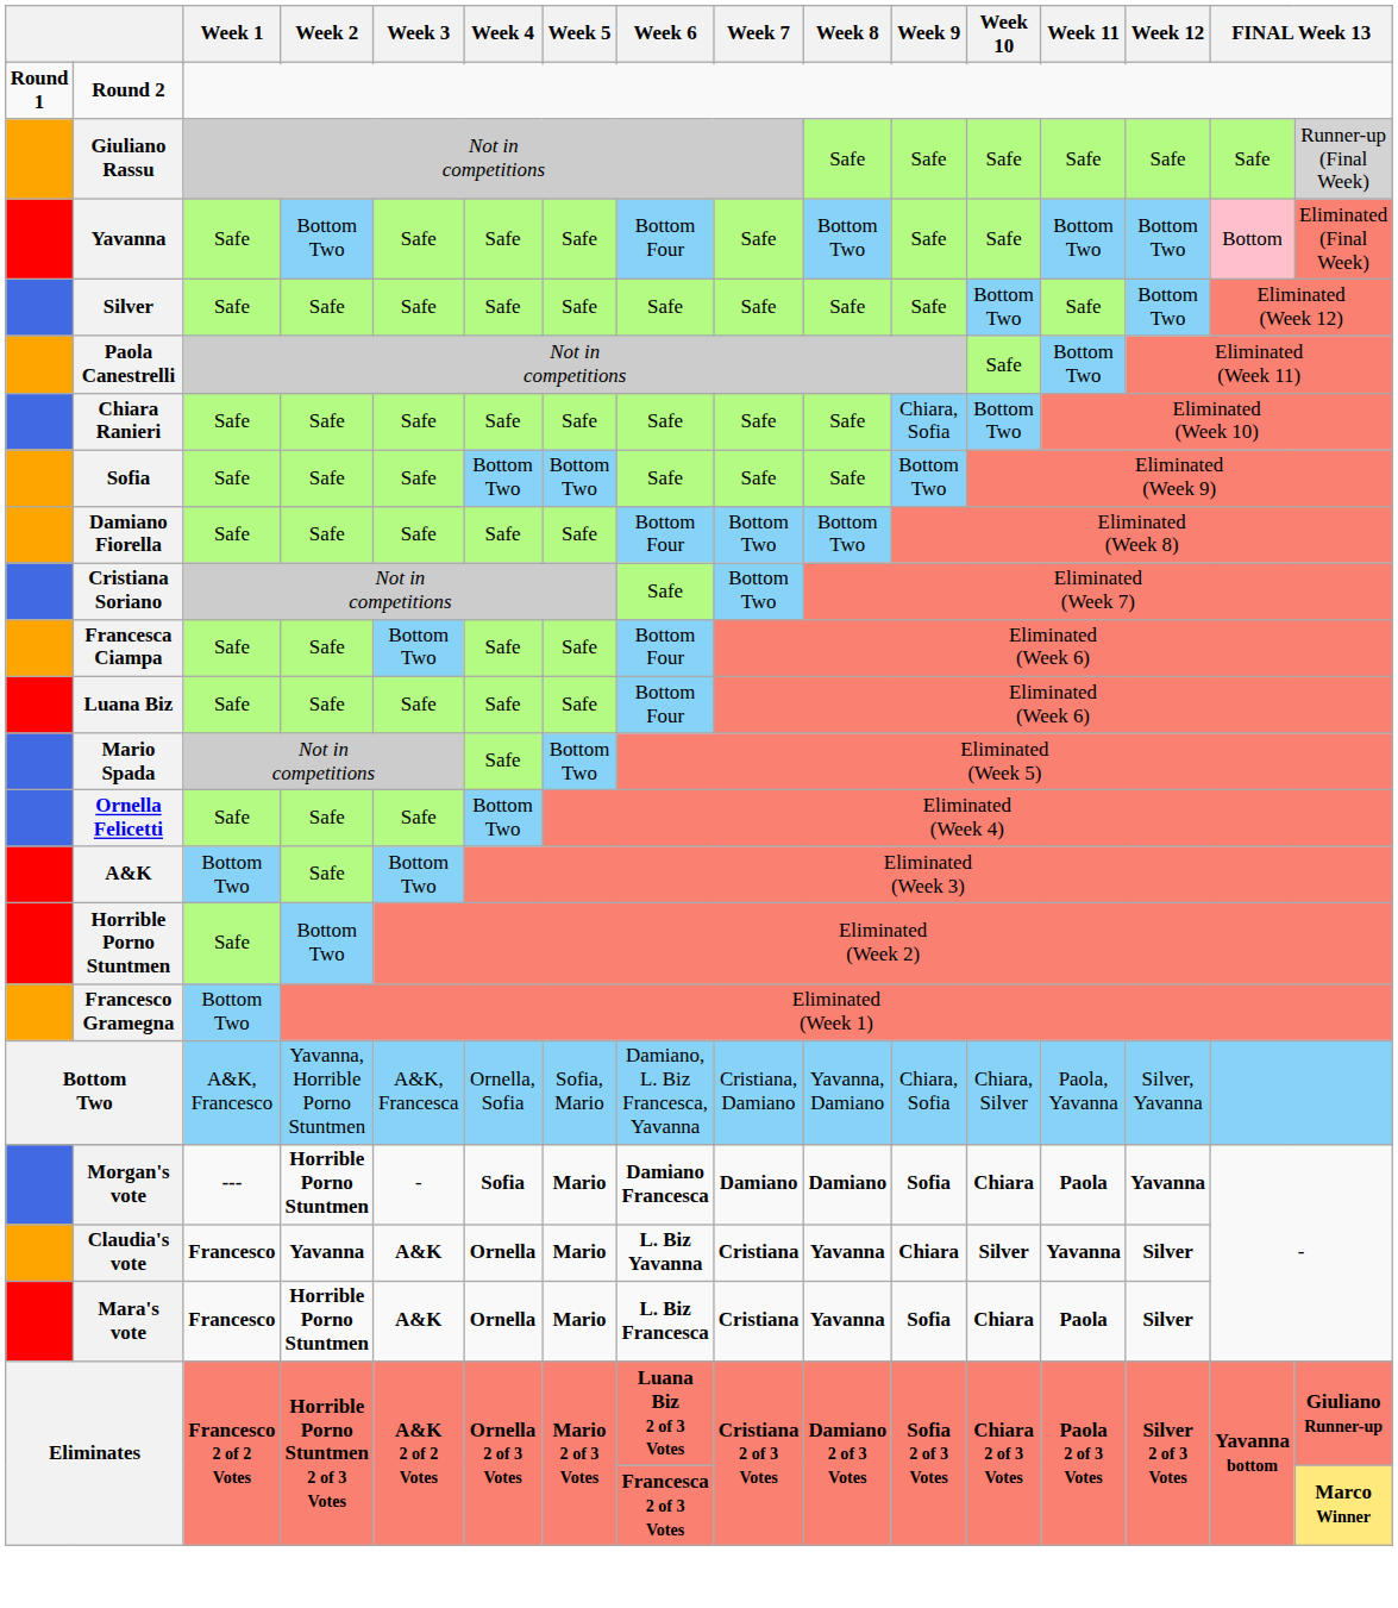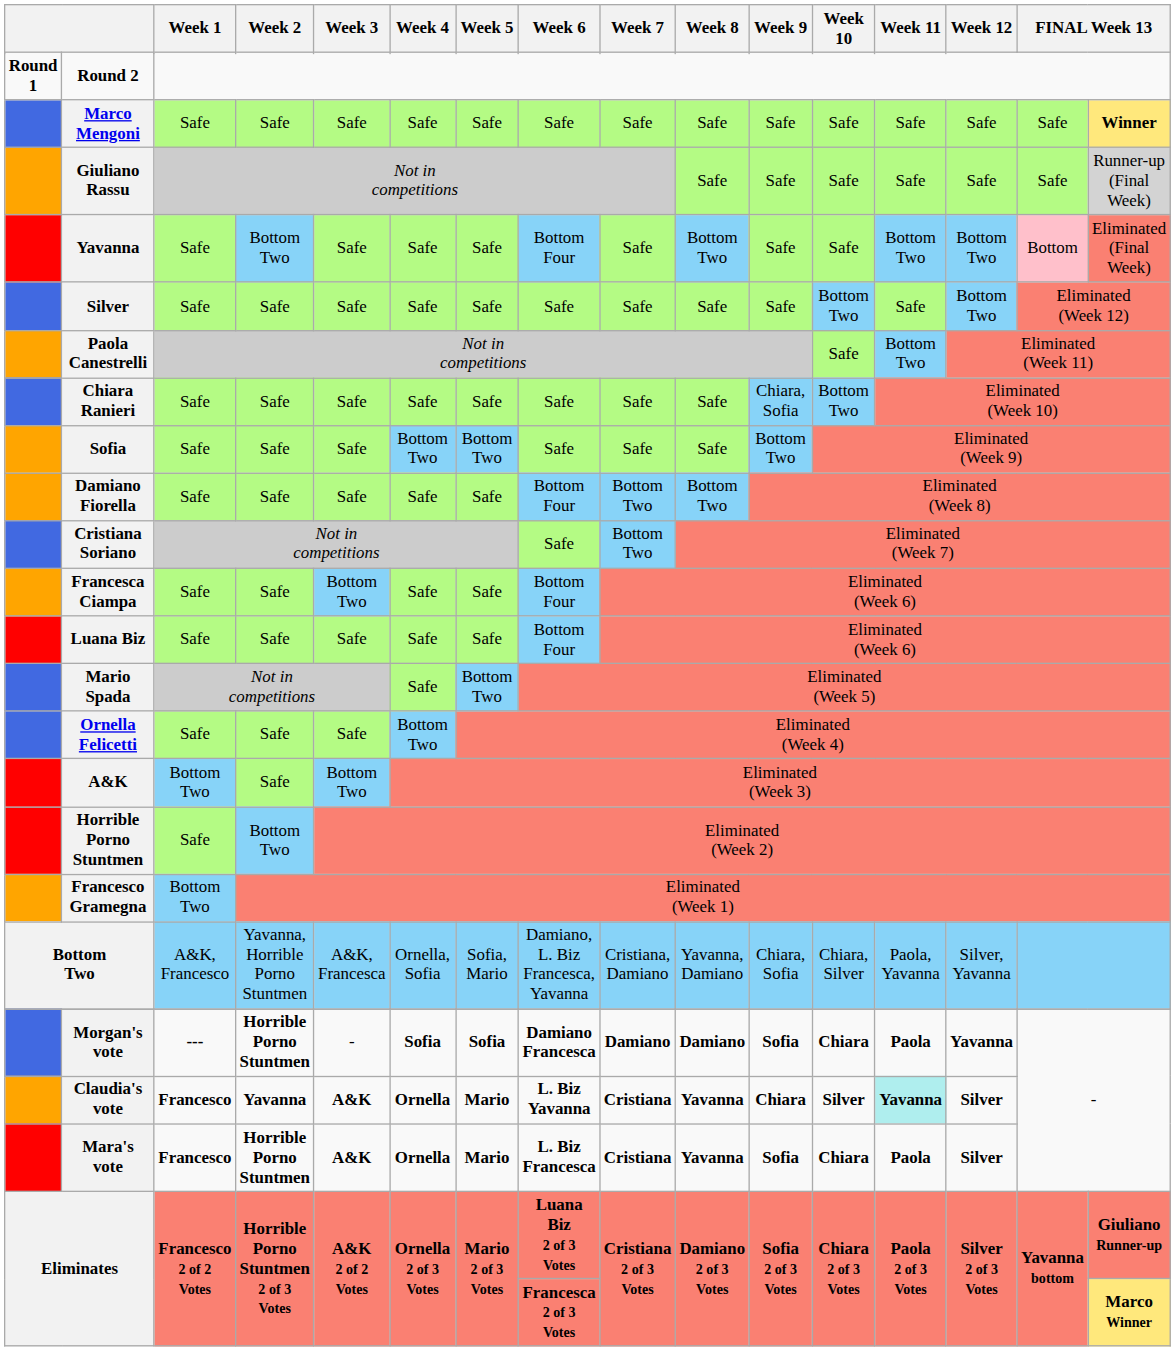 <table class="wikitable" style="text-align:center; font-size:80%; width:100%">
 <tr>
 <th rowspan=2 colspan=2 style="width:12%"></th>
 <th rowspan=2 style="width:6%">Week 1</th>
 <th rowspan=2 style="width:1%">Week 2</th>
 <th rowspan=2 style="width:6%">Week 3</th>
 <th rowspan=2 style="width:6%">Week 4</th>
 <th rowspan=2 style="width:6%">Week 5</th>
 <th rowspan=2 style="width:6%">Week 6</th>
 <th rowspan=2 style="width:6%">Week 7</th>
 <th rowspan=2 style="width:6%">Week 8</th>
 <th rowspan=2 style="width:6%">Week 9</th>
 <th rowspan=2 style="width:6%">Week 10</th>
 <th rowspan=2 style="width:6%">Week 11</th>
 <th rowspan=2 style="width:6%">Week 12</th>
 <th colspan=2 style="width:6%">FINAL Week 13</th>
 </tr>
 <tr>
 </tr>
 <tr>
 <td><strong>Round 1</strong></td>
 <td><strong>Round 2</strong></td>
+</tr>
+<tr>
+<th style="background:#4169E1"></th>
+<th><a href='#'>Marco Mengoni</a></th>
+<td style="background:#B4FB84">Safe</td>
+<td style="background:#B4FB84">Safe</td>
+<td style="background:#B4FB84">Safe</td>
+<td style="background:#B4FB84">Safe</td>
+<td style="background:#B4FB84">Safe</td>
+<td style="background:#B4FB84">Safe</td>
+<td style="background:#B4FB84">Safe</td>
+<td style="background:#B4FB84">Safe</td>
+<td style="background:#B4FB84">Safe</td>
+<td style="background:#B4FB84">Safe</td>
+<td style="background:#B4FB84">Safe</td>
+<td style="background:#B4FB84">Safe</td>
+<td style="background:#B4FB84">Safe</td>
+<td style="background:#FFE87C"><strong>Winner</strong><br></td>
 </tr>
 <tr>
 <th style="background:#FFA500"></th>
 <th>Giuliano Rassu</th>
 <td style="background:#CCCCCC;" colspan="7"><em>Not in<br>competitions</em></td>
 <td style="background:#B4FB84">Safe</td>
 <td style="background:#B4FB84">Safe</td>
 <td style="background:#B4FB84">Safe</td>
 <td style="background:#B4FB84">Safe</td>
 <td style="background:#B4FB84">Safe</td>
 <td style="background:#B4FB84">Safe</td>
 <td style="background:lightgrey" colspan=1>Runner-up<br> (Final Week)</td>
 </tr>
 <tr>
 <th style="background:#FF0000"></th>
 <th>Yavanna</th>
 <td style="background:#B4FB84">Safe</td>
 <td style="background:#87D3F8">Bottom<br>Two</td>
 <td style="background:#B4FB84">Safe</td>
 <td style="background:#B4FB84">Safe</td>
 <td style="background:#B4FB84">Safe</td>
 <td style="background:#87D3F8">Bottom<br>Four</td>
 <td style="background:#B4FB84">Safe</td>
 <td style="background:#87D3F8">Bottom<br>Two</td>
 <td style="background:#B4FB84">Safe</td>
 <td style="background:#B4FB84">Safe</td>
 <td style="background:#87D3F8">Bottom<br>Two</td>
 <td style="background:#87D3F8">Bottom<br>Two</td>
 <td style="background:pink">Bottom</td>
 <td style="background:#FA8072" colspan=1>Eliminated <br> (Final Week)</td>
 </tr>
 <tr>
 <th style="background:#4169E1"></th>
 <th>Silver</th>
 <td style="background:#B4FB84">Safe</td>
 <td style="background:#B4FB84">Safe</td>
 <td style="background:#B4FB84">Safe</td>
 <td style="background:#B4FB84">Safe</td>
 <td style="background:#B4FB84">Safe</td>
 <td style="background:#B4FB84">Safe</td>
 <td style="background:#B4FB84">Safe</td>
 <td style="background:#B4FB84">Safe</td>
 <td style="background:#B4FB84">Safe</td>
 <td style="background:#87D3F8">Bottom<br>Two</td>
 <td style="background:#B4FB84">Safe</td>
 <td style="background:#87D3F8">Bottom<br>Two</td>
 <td style="background:#FA8072" colspan=2>Eliminated <br> (Week 12)</td>
 </tr>
 <tr>
 <th style="background:#FFA500"></th>
 <th>Paola Canestrelli</th>
 <td style="background:#CCCCCC;" colspan="9"><em>Not in<br>competitions</em></td>
 <td style="background:#B4FB84">Safe</td>
 <td style="background:#87D3F8">Bottom<br>Two</td>
 <td style="background:#FA8072" colspan=3>Eliminated <br> (Week 11)</td>
 </tr>
 <tr>
 <th style="background:#4169E1"></th>
 <th>Chiara Ranieri</th>
 <td style="background:#B4FB84">Safe</td>
 <td style="background:#B4FB84">Safe</td>
 <td style="background:#B4FB84">Safe</td>
 <td style="background:#B4FB84">Safe</td>
 <td style="background:#B4FB84">Safe</td>
 <td style="background:#B4FB84">Safe</td>
 <td style="background:#B4FB84">Safe</td>
 <td style="background:#B4FB84">Safe</td>
 <td style="background:#87D3F8">Chiara,<br>Sofia</td>
 <td style="background:#87D3F8">Bottom<br>Two</td>
 <td style="background:#FA8072" colspan=4>Eliminated <br> (Week 10)</td>
 </tr>
 <tr>
 <th style="background:#FFA500"></th>
 <th>Sofia</th>
 <td style="background:#B4FB84">Safe</td>
 <td style="background:#B4FB84">Safe</td>
 <td style="background:#B4FB84">Safe</td>
 <td style="background:#87D3F8">Bottom<br>Two</td>
 <td style="background:#87D3F8">Bottom<br>Two</td>
 <td style="background:#B4FB84">Safe</td>
 <td style="background:#B4FB84">Safe</td>
 <td style="background:#B4FB84">Safe</td>
 <td style="background:#87D3F8">Bottom<br>Two</td>
 <td style="background:#FA8072" colspan=5>Eliminated <br> (Week 9)</td>
 </tr>
 <tr>
 <th style="background:#FFA500"></th>
 <th>Damiano Fiorella</th>
 <td style="background:#B4FB84">Safe</td>
 <td style="background:#B4FB84">Safe</td>
 <td style="background:#B4FB84">Safe</td>
 <td style="background:#B4FB84">Safe</td>
 <td style="background:#B4FB84">Safe</td>
 <td style="background:#87D3F8">Bottom<br>Four</td>
 <td style="background:#87D3F8">Bottom<br>Two</td>
 <td style="background:#87D3F8">Bottom<br>Two</td>
 <td style="background:#FA8072" colspan=6>Eliminated <br> (Week 8)</td>
 </tr>
 <tr>
 <th style="background:#4169E1"></th>
 <th>Cristiana Soriano</th>
 <td style="background:#CCCCCC;" colspan="5"><em>Not in<br>competitions</em></td>
 <td style="background:#B4FB84">Safe</td>
 <td style="background:#87D3F8">Bottom<br>Two</td>
 <td style="background:#FA8072" colspan=7>Eliminated <br> (Week 7)</td>
 </tr>
 <tr>
 <th style="background:#FFA500"></th>
 <th>Francesca Ciampa</th>
 <td style="background:#B4FB84">Safe</td>
 <td style="background:#B4FB84">Safe</td>
 <td style="background:#87D3F8">Bottom<br>Two</td>
 <td style="background:#B4FB84">Safe</td>
 <td style="background:#B4FB84">Safe</td>
 <td style="background:#87D3F8">Bottom<br>Four</td>
 <td style="background:#FA8072" colspan=8>Eliminated <br> (Week 6)</td>
 </tr>
 <tr>
 <th style="background:#FF0000"></th>
 <th>Luana Biz</th>
 <td style="background:#B4FB84">Safe</td>
 <td style="background:#B4FB84">Safe</td>
 <td style="background:#B4FB84">Safe</td>
 <td style="background:#B4FB84">Safe</td>
 <td style="background:#B4FB84">Safe</td>
 <td style="background:#87D3F8">Bottom<br>Four</td>
 <td style="background:#FA8072" colspan=8>Eliminated <br> (Week 6)</td>
 </tr>
 <tr>
 <th style="background:#4169E1"></th>
 <th>Mario Spada</th>
 <td style="background:#CCCCCC;" colspan="3"><em>Not in<br>competitions</em></td>
 <td style="background:#B4FB84">Safe</td>
 <td style="background:#87D3F8">Bottom<br>Two</td>
 <td style="background:#FA8072" colspan=9>Eliminated <br> (Week 5)</td>
 </tr>
 <tr>
 <th style="background:#4169E1"></th>
 <th><a href='#'>Ornella Felicetti</a></th>
 <td style="background:#B4FB84">Safe</td>
 <td style="background:#B4FB84">Safe</td>
 <td style="background:#B4FB84">Safe</td>
 <td style="background:#87D3F8">Bottom<br>Two</td>
 <td style="background:#FA8072" colspan=10>Eliminated <br> (Week 4)</td>
 </tr>
 <tr>
 <th style="background:#FF0000"></th>
 <th>A&K</th>
 <td style="background:#87D3F8">Bottom<br>Two</td>
 <td style="background:#B4FB84">Safe</td>
 <td style="background:#87D3F8">Bottom<br>Two</td>
 <td style="background:#FA8072" colspan=11>Eliminated <br> (Week 3)</td>
 </tr>
 <tr>
 <th style="background:#FF0000"></th>
 <th>Horrible Porno Stuntmen</th>
 <td style="background:#B4FB84">Safe</td>
 <td style="background:#87D3F8">Bottom<br>Two</td>
 <td style="background:#FA8072" colspan=12>Eliminated <br> (Week 2)</td>
 </tr>
 <tr>
 <th style="background:#FFA500"></th>
 <th>Francesco Gramegna</th>
 <td style="background:#87D3F8">Bottom<br>Two</td>
 <td style="background:#FA8072" colspan=13>Eliminated <br> (Week 1)</td>
 </tr>
 <tr>
 <th colspan=2>Bottom<br>Two</th>
 <td style="background:#87D3F8">A&K,<br>Francesco</td>
 <td style="background:#87D3F8">Yavanna,<br>Horrible Porno<br> Stuntmen</td>
 <td style="background:#87D3F8">A&K,<br>Francesca</td>
 <td style="background:#87D3F8">Ornella,<br>Sofia</td>
 <td style="background:#87D3F8">Sofia,<br>Mario</td>
 <td style="background:#87D3F8">Damiano,<br>L. Biz<br>Francesca,<br>Yavanna</td>
 <td style="background:#87D3F8">Cristiana,<br>Damiano</td>
 <td style="background:#87D3F8">Yavanna,<br>Damiano</td>
 <td style="background:#87D3F8">Chiara,<br>Sofia</td>
 <td style="background:#87D3F8">Chiara,<br>Silver</td>
 <td style="background:#87D3F8">Paola,<br>Yavanna</td>
 <td style="background:#87D3F8">Silver,<br>Yavanna</td>
 <td style="background:#87D3F8" colspan="2"></td>
 </tr>
 <tr>
 </tr>
 <tr>
 <th style="background:#4169E1"></th>
 <th>Morgan's vote</th>
 <td><strong>---</strong></td>
 <td><strong>Horrible Porno<br>Stuntmen</strong></td>
 <td>-</td>
 <td><strong>Sofia</strong></td>
-<td><strong>Mario</strong></td>
+<td><strong>Sofia</strong></td>
 <td><strong>Damiano</strong><br><strong>Francesca</strong></td>
 <td><strong>Damiano</strong></td>
 <td><strong>Damiano</strong></td>
 <td><strong>Sofia</strong></td>
 <td><strong>Chiara</strong></td>
 <td><strong>Paola</strong></td>
 <td><strong>Yavanna</strong></td>
 <td rowspan="3" colspan="2">-</td>
 </tr>
 <tr>
 <th style="background:#FFA500"></th>
 <th>Claudia's vote</th>
 <td><strong>Francesco</strong></td>
 <td><strong>Yavanna</strong></td>
 <td><strong>A&K</strong></td>
 <td><strong>Ornella</strong></td>
 <td><strong>Mario</strong></td>
 <td><strong>L. Biz</strong><br><strong>Yavanna</strong></td>
 <td><strong>Cristiana</strong></td>
 <td><strong>Yavanna</strong></td>
 <td><strong>Chiara</strong></td>
 <td><strong>Silver</strong></td>
-<td><strong>Yavanna</strong></td>
+<td style="background: paleturquoise;"><strong>Yavanna</strong></td>
 <td><strong>Silver</strong></td>
 </tr>
 <tr>
 <th style="background:#FF0000"></th>
 <th>Mara's vote</th>
 <td><strong>Francesco</strong></td>
 <td><strong>Horrible Porno<br>Stuntmen</strong></td>
 <td><strong>A&K</strong></td>
 <td><strong>Ornella</strong></td>
 <td><strong>Mario</strong></td>
 <td><strong>L. Biz</strong><br><strong>Francesca</strong></td>
 <td><strong>Cristiana</strong></td>
 <td><strong>Yavanna</strong></td>
 <td><strong>Sofia</strong></td>
 <td><strong>Chiara</strong></td>
 <td><strong>Paola</strong></td>
 <td><strong>Silver</strong></td>
 </tr>
 <tr>
 <th colspan=2 rowspan=2>Eliminates</th>
 <td style="background:#FA8072" rowspan=2><strong>Francesco <br><small>2 of 2<br>Votes</small></strong></td>
 <td style="background:#FA8072" rowspan=2><strong>Horrible Porno<br>Stuntmen <br><small>2 of 3<br>Votes</small></strong></td>
 <td style="background:#FA8072" rowspan=2><strong>A&K <br><small>2 of 2<br>Votes</small></strong></td>
 <td style="background:#FA8072" rowspan=2><strong>Ornella <br><small>2 of 3<br>Votes</small></strong></td>
 <td style="background:#FA8072" rowspan=2><strong>Mario <br><small>2 of 3<br>Votes</small></strong></td>
 <td style="background:#FA8072" rowspan=1><strong>Luana Biz <br><small>2 of 3<br>Votes</small></strong></td>
 <td style="background:#FA8072" rowspan=2><strong>Cristiana <br><small>2 of 3<br>Votes</small></strong></td>
 <td style="background:#FA8072" rowspan=2><strong>Damiano <br><small>2 of 3<br>Votes</small></strong></td>
 <td style="background:#FA8072" rowspan=2><strong>Sofia <br><small>2 of 3<br>Votes</small></strong></td>
 <td style="background:#FA8072" rowspan=2><strong>Chiara <br><small>2 of 3<br>Votes</small></strong></td>
 <td style="background:#FA8072" rowspan=2><strong>Paola <br><small>2 of 3<br>Votes</small></strong></td>
 <td style="background:#FA8072" rowspan=2><strong>Silver <br><small>2 of 3<br>Votes</small></strong></td>
 <td style="background:#FA8072" rowspan=2><strong>Yavanna <br><small>bottom</small></strong></td>
 <td style="background:#FA8072"><strong>Giuliano <br><small>Runner-up</small></strong></td>
 </tr>
 <tr>
 <td style="background:#FA8072"><strong>Francesca <br><small>2 of 3<br>Votes</small></strong></td>
 <td style="background:#FFE87C"><strong>Marco <br><small>Winner</small></strong></td>
 </tr>
 </table>
